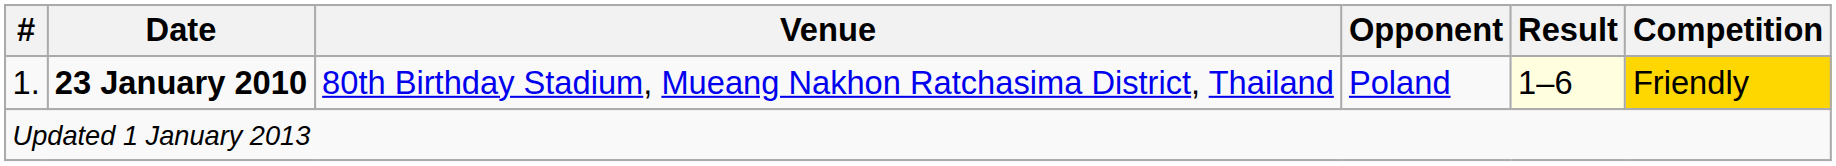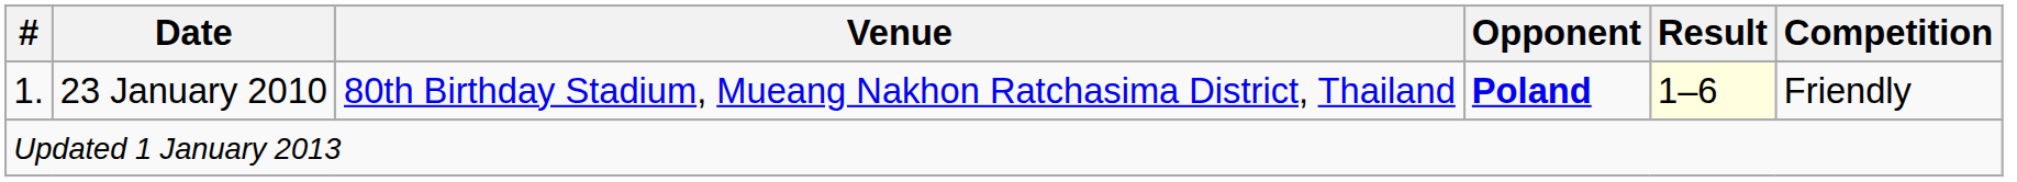 <table class="wikitable">
 <tr>
 <th>#</th>
 <th>Date</th>
 <th>Venue</th>
 <th>Opponent</th>
 <th>Result</th>
 <th>Competition</th>
 </tr>
 <tr>
 <td>1.</td>
-<td><strong>23 January 2010</strong></td>
+<td>23 January 2010</td>
 <td><a href='#'>80th Birthday Stadium</a>, <a href='#'>Mueang Nakhon Ratchasima District</a>, <a href='#'>Thailand</a></td>
-<td> <a href='#'>Poland</a></td>
+<td><strong> <a href='#'>Poland</a></strong></td>
 <td style="background: lightyellow;">1–6</td>
-<td style="background: gold;">Friendly</td>
+<td>Friendly</td>
 </tr>
 <tr>
 <td colspan="12"><small><em>Updated 1 January 2013</em></small></td>
 </tr>
 </table>
